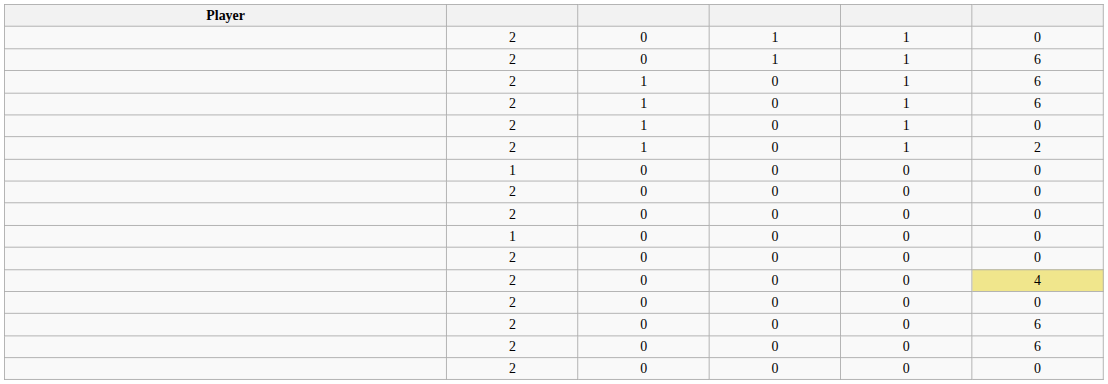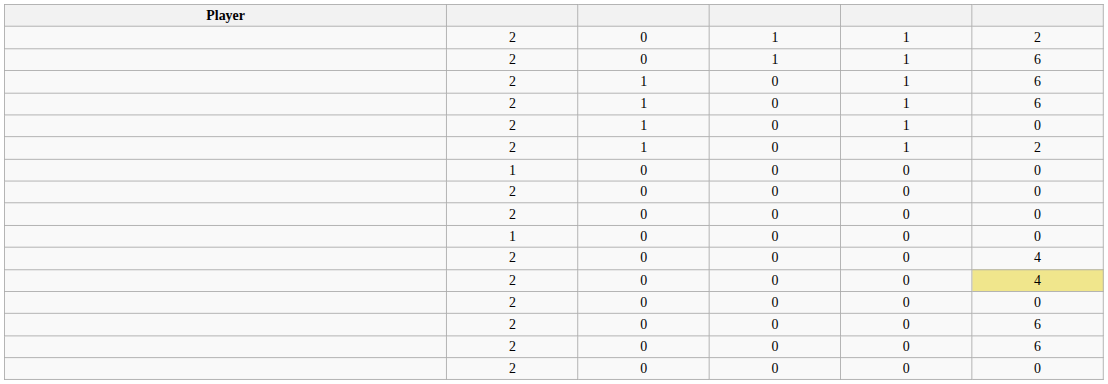 <table class="wikitable sortable" style="width:100%; text-align:center;">
 <tr>
 <th>Player</th>
 <th></th>
 <th></th>
 <th></th>
 <th></th>
 <th></th>
 </tr>
 <tr>
 <td></td>
 <td>2</td>
 <td>0</td>
 <td>1</td>
 <td>1</td>
-<td>0</td>
+<td>2</td>
 </tr>
 <tr>
 <td></td>
 <td>2</td>
 <td>0</td>
 <td>1</td>
 <td>1</td>
 <td>6</td>
 </tr>
 <tr>
 <td></td>
 <td>2</td>
 <td>1</td>
 <td>0</td>
 <td>1</td>
 <td>6</td>
 </tr>
 <tr>
 <td></td>
 <td>2</td>
 <td>1</td>
 <td>0</td>
 <td>1</td>
 <td>6</td>
 </tr>
 <tr>
 <td></td>
 <td>2</td>
 <td>1</td>
 <td>0</td>
 <td>1</td>
 <td>0</td>
 </tr>
 <tr>
 <td></td>
 <td>2</td>
 <td>1</td>
 <td>0</td>
 <td>1</td>
 <td>2</td>
 </tr>
 <tr>
 <td></td>
 <td>1</td>
 <td>0</td>
 <td>0</td>
 <td>0</td>
 <td>0</td>
 </tr>
 <tr>
 <td></td>
 <td>2</td>
 <td>0</td>
 <td>0</td>
 <td>0</td>
 <td>0</td>
 </tr>
 <tr>
 <td></td>
 <td>2</td>
 <td>0</td>
 <td>0</td>
 <td>0</td>
 <td>0</td>
 </tr>
 <tr>
 <td></td>
 <td>1</td>
 <td>0</td>
 <td>0</td>
 <td>0</td>
 <td>0</td>
 </tr>
 <tr>
 <td></td>
 <td>2</td>
 <td>0</td>
 <td>0</td>
 <td>0</td>
-<td>0</td>
+<td>4</td>
 </tr>
 <tr>
 <td></td>
 <td>2</td>
 <td>0</td>
 <td>0</td>
 <td>0</td>
 <td style="background: khaki;">4</td>
 </tr>
 <tr>
 <td></td>
 <td>2</td>
 <td>0</td>
 <td>0</td>
 <td>0</td>
 <td>0</td>
 </tr>
 <tr>
 <td></td>
 <td>2</td>
 <td>0</td>
 <td>0</td>
 <td>0</td>
 <td>6</td>
 </tr>
 <tr>
 <td></td>
 <td>2</td>
 <td>0</td>
 <td>0</td>
 <td>0</td>
 <td>6</td>
 </tr>
 <tr>
 <td></td>
 <td>2</td>
 <td>0</td>
 <td>0</td>
 <td>0</td>
 <td>0</td>
 </tr>
 </table>
